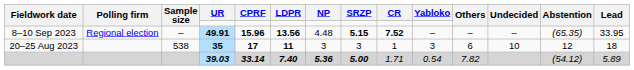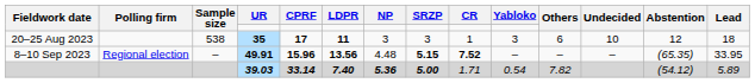 <table class=wikitable style="font-size:95%; line-height:14px; text-align:center">
 <tr>
 <th style=width:120px; rowspan=2>Fieldwork date</th>
 <th style=width:120px; rowspan=2>Polling firm</th>
 <th style=width:50px; rowspan=2>Sample<br>size</th>
 <th style="width:50px;"><a href='#'>UR</a></th>
 <th style="width:50px;"><a href='#'>CPRF</a></th>
 <th style="width:50px;"><a href='#'>LDPR</a></th>
 <th style="width:50px;"><a href='#'>NP</a></th>
 <th style="width:50px;"><a href='#'>SRZP</a></th>
 <th style="width:50px;"><a href='#'>CR</a></th>
 <th style="width:50px;"><a href='#'>Yabloko</a></th>
 <th style="width:50px;" rowspan=2>Others</th>
 <th style="width:50px;" rowspan=2>Undecided</th>
 <th style="width:50px;" rowspan=2>Abstention</th>
 <th style="width:50px;" rowspan="2">Lead</th>
 </tr>
 <tr>
 <td bgcolor=></td>
 <td bgcolor=></td>
 <td bgcolor=></td>
 <td bgcolor=></td>
 <td bgcolor=></td>
 <td bgcolor=></td>
 <td bgcolor=></td>
 </tr>
 <tr>
+<td>20–25 Aug 2023</td>
+<td></td>
+<td>538</td>
+<td style="background:#B3E0FF"><strong>35</strong></td>
+<td><strong>17</strong></td>
+<td><strong>11</strong></td>
+<td>3</td>
+<td>3</td>
+<td>1</td>
+<td>3</td>
+<td>6</td>
+<td>10</td>
+<td>12</td>
+<td style="background:">18</td>
+</tr>
+<tr>
 <td>8–10 Sep 2023</td>
 <td><a href='#'>Regional election</a></td>
 <td>–</td>
 <td style="background:#B3E0FF"><strong>49.91</strong></td>
 <td><strong>15.96</strong></td>
 <td><strong>13.56</strong></td>
 <td>4.48</td>
 <td><strong>5.15</strong></td>
 <td><strong>7.52</strong></td>
 <td>–</td>
 <td>–</td>
 <td>–</td>
 <td><em>(65.35)</em></td>
 <td style="background:">33.95</td>
-</tr>
-<tr>
-<td>20–25 Aug 2023</td>
-<td></td>
-<td>538</td>
-<td style="background:#B3E0FF"><strong>35</strong></td>
-<td><strong>17</strong></td>
-<td><strong>11</strong></td>
-<td>3</td>
-<td>3</td>
-<td>1</td>
-<td>3</td>
-<td>6</td>
-<td>10</td>
-<td>12</td>
-<td style="background:">18</td>
 </tr>
 <tr style="background:#D5D5D5">
 <td></td>
 <td></td>
 <td></td>
 <td style="background:#B3E0FF"><strong><em>39.03</em></strong></td>
 <td><strong><em>33.14</em></strong></td>
 <td><strong><em>7.40</em></strong></td>
 <td><strong><em>5.36</em></strong></td>
 <td><strong><em>5.00</em></strong></td>
 <td><em>1.71</em></td>
 <td><em>0.54</em></td>
 <td><em>7.82</em></td>
 <td></td>
 <td><em>(54.12)</em></td>
 <td style="background:"><em>5.89</em></td>
 </tr>
 </table>
